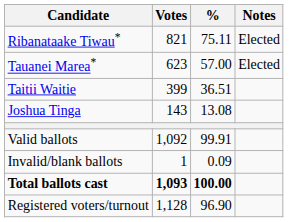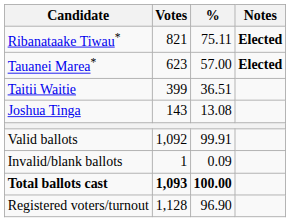 <table class=wikitable style=text-align:right>
 <tr>
 <th>Candidate</th>
 <th>Votes</th>
 <th>%</th>
 <th>Notes</th>
 </tr>
 <tr>
 <td align=left><a href='#'>Ribanataake Tiwau</a><sup>*</sup></td>
 <td>821</td>
 <td>75.11</td>
-<td>Elected</td>
+<td><strong>Elected</strong></td>
 </tr>
 <tr>
 <td align=left><a href='#'>Tauanei Marea</a><sup>*</sup></td>
 <td>623</td>
 <td>57.00</td>
-<td>Elected</td>
+<td><strong>Elected</strong></td>
 </tr>
 <tr>
 <td align=left><a href='#'>Taitii Waitie</a></td>
 <td>399</td>
 <td>36.51</td>
 <td></td>
 </tr>
 <tr>
 <td align=left><a href='#'>Joshua Tinga</a></td>
 <td>143</td>
 <td>13.08</td>
 <td></td>
 </tr>
 <tr>
 <th colspan=6></th>
 </tr>
 <tr>
 <td align=left>Valid ballots</td>
 <td>1,092</td>
 <td>99.91</td>
 <td></td>
 </tr>
 <tr>
 <td align=left>Invalid/blank ballots</td>
 <td>1</td>
 <td>0.09</td>
 <td></td>
 </tr>
 <tr style="font-weight:bold">
 <td align=left>Total ballots cast</td>
 <td>1,093</td>
 <td>100.00</td>
 <td></td>
 </tr>
 <tr>
 <td align=left>Registered voters/turnout</td>
 <td>1,128</td>
 <td>96.90</td>
 <td></td>
 </tr>
 </table>
